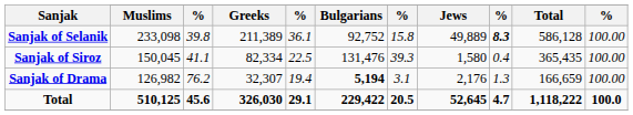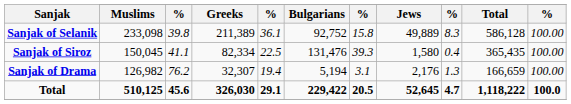 <table class="wikitable" style="text-align:center;">
 <tr>
 <th rowspan="2">Sanjak</th>
 </tr>
 <tr>
 <th style="width:60pt;">Muslims</th>
 <th>%</th>
 <th style="width:60pt;">Greeks</th>
 <th>%</th>
 <th style="width:60pt;">Bulgarians</th>
 <th>%</th>
 <th style="width:60pt;">Jews</th>
 <th>%</th>
 <th style="width:60pt;">Total</th>
 <th>%</th>
 </tr>
 <tr>
 <td><strong><a href='#'>Sanjak of Selanik</a></strong></td>
 <td align="right">233,098</td>
 <td><em>39.8</em></td>
 <td align="right">211,389</td>
 <td><em>36.1</em></td>
 <td align="right">92,752</td>
 <td><em>15.8</em></td>
 <td align="right">49,889</td>
-<td><strong><em>8.3</em></strong></td>
+<td><em>8.3</em></td>
 <td align="right">586,128</td>
 <td><em>100.00</em></td>
 </tr>
 <tr>
 <td><strong><a href='#'>Sanjak of Siroz</a></strong></td>
 <td align="right">150,045</td>
 <td><em>41.1</em></td>
 <td align="right">82,334</td>
 <td><em>22.5</em></td>
 <td align="right">131,476</td>
 <td><em>39.3</em></td>
 <td align="right">1,580</td>
 <td><em>0.4</em></td>
 <td align="right">365,435</td>
 <td><em>100.00</em></td>
 </tr>
 <tr>
 <td><strong><a href='#'>Sanjak of Drama</a></strong></td>
 <td align="right">126,982</td>
 <td><em>76.2</em></td>
 <td align="right">32,307</td>
 <td><em>19.4</em></td>
-<td align="right"><strong>5,194</strong></td>
+<td align="right">5,194</td>
 <td><em>3.1</em></td>
 <td align="right">2,176</td>
 <td><em>1.3</em></td>
 <td align="right">166,659</td>
 <td><em>100.00</em></td>
 </tr>
 <tr>
 <td><strong>Total</strong></td>
 <td align="right"><strong>510,125</strong></td>
 <td><strong>45.6</strong></td>
 <td align="right"><strong>326,030</strong></td>
 <td><strong>29.1</strong></td>
 <td align="right"><strong>229,422</strong></td>
 <td><strong>20.5</strong></td>
 <td align="right"><strong>52,645</strong></td>
 <td><strong>4.7</strong></td>
 <td align="right"><strong>1,118,222</strong></td>
 <td><strong>100.0</strong></td>
 </tr>
 <tr>
 </tr>
 </table>
